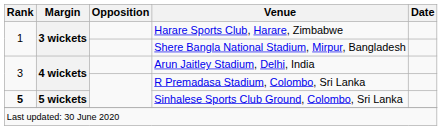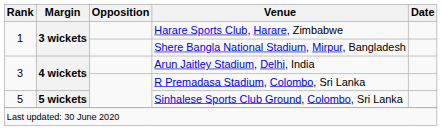 <table class="wikitable plainrowheaders sortable">
 <tr>
 <th scope=col>Rank</th>
 <th scope=col>Margin</th>
 <th scope=col>Opposition</th>
 <th scope=col>Venue</th>
 <th scope=col>Date</th>
 </tr>
 <tr>
 <td align=center rowspan=2>1</td>
 <th scope=row style=text-align:center rowspan=2>3 wickets</th>
 <td></td>
 <td><a href='#'>Harare Sports Club</a>, <a href='#'>Harare</a>, Zimbabwe</td>
 <td></td>
 </tr>
 <tr>
 <td></td>
 <td><a href='#'>Shere Bangla National Stadium</a>, <a href='#'>Mirpur</a>, Bangladesh</td>
 <td></td>
 </tr>
 <tr>
 <td align=center rowspan=2>3</td>
 <th scope=row style=text-align:center rowspan=2>4 wickets</th>
 <td></td>
 <td><a href='#'>Arun Jaitley Stadium</a>, <a href='#'>Delhi</a>, India</td>
 <td></td>
 </tr>
 <tr>
 <td rowspan=2></td>
 <td><a href='#'>R Premadasa Stadium</a>, <a href='#'>Colombo</a>, Sri Lanka</td>
 <td></td>
 </tr>
 <tr>
-<td align=center><strong>5</strong></td>
+<td align=center>5</td>
 <th scope=row style=text-align:center>5 wickets</th>
 <td><a href='#'>Sinhalese Sports Club Ground</a>, <a href='#'>Colombo</a>, Sri Lanka</td>
 <td></td>
 </tr>
 <tr>
 </tr>
 <tr class=sortbottom>
 <td colspan=5><small>Last updated: 30 June 2020</small></td>
 </tr>
 </table>
